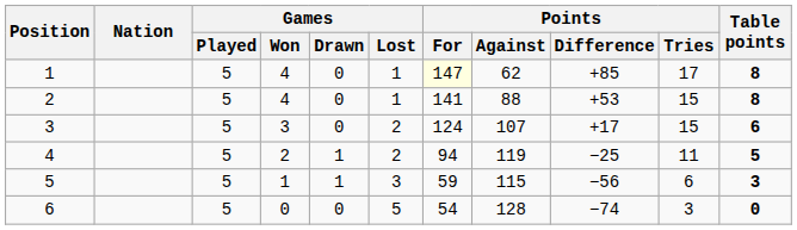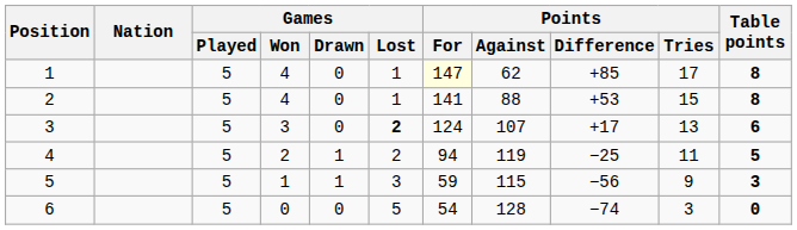 <table class="wikitable" style="text-align:center">
 <tr>
 <th rowspan="2" style="width:8%;">Position</th>
 <th rowspan="2" style="width:18%;">Nation</th>
 <th colspan="4" style="width:32%;">Games</th>
 <th colspan="4" style="width:32%;">Points</th>
 <th rowspan="2" style="width:10%;">Table<br>points</th>
 </tr>
 <tr>
 <th style="width:8%;">Played</th>
 <th style="width:8%;">Won</th>
 <th style="width:8%;">Drawn</th>
 <th style="width:8%;">Lost</th>
 <th style="width:8%;">For</th>
 <th style="width:8%;">Against</th>
 <th style="width:8%;">Difference</th>
 <th style="width:8%;">Tries</th>
 </tr>
 <tr>
 <td>1</td>
 <td align="left"></td>
 <td>5</td>
 <td>4</td>
 <td>0</td>
 <td>1</td>
 <td style="background: lightyellow;">147</td>
 <td>62</td>
 <td>+85</td>
 <td>17</td>
 <td><strong>8</strong></td>
 </tr>
 <tr>
 <td>2</td>
 <td align="left"></td>
 <td>5</td>
 <td>4</td>
 <td>0</td>
 <td>1</td>
 <td>141</td>
 <td>88</td>
 <td>+53</td>
 <td>15</td>
 <td><strong>8</strong></td>
 </tr>
 <tr>
 <td>3</td>
 <td align="left"></td>
 <td>5</td>
 <td>3</td>
 <td>0</td>
-<td>2</td>
+<td><strong>2</strong></td>
 <td>124</td>
 <td>107</td>
 <td>+17</td>
-<td>15</td>
+<td>13</td>
 <td><strong>6</strong></td>
 </tr>
 <tr>
 <td>4</td>
 <td align="left"></td>
 <td>5</td>
 <td>2</td>
 <td>1</td>
 <td>2</td>
 <td>94</td>
 <td>119</td>
 <td>−25</td>
 <td>11</td>
 <td><strong>5</strong></td>
 </tr>
 <tr>
 <td>5</td>
 <td align="left"></td>
 <td>5</td>
 <td>1</td>
 <td>1</td>
 <td>3</td>
 <td>59</td>
 <td>115</td>
 <td>−56</td>
-<td>6</td>
+<td>9</td>
 <td><strong>3</strong></td>
 </tr>
 <tr>
 <td>6</td>
 <td align="left"></td>
 <td>5</td>
 <td>0</td>
 <td>0</td>
 <td>5</td>
 <td>54</td>
 <td>128</td>
 <td>−74</td>
 <td>3</td>
 <td><strong>0</strong></td>
 </tr>
 </table>
